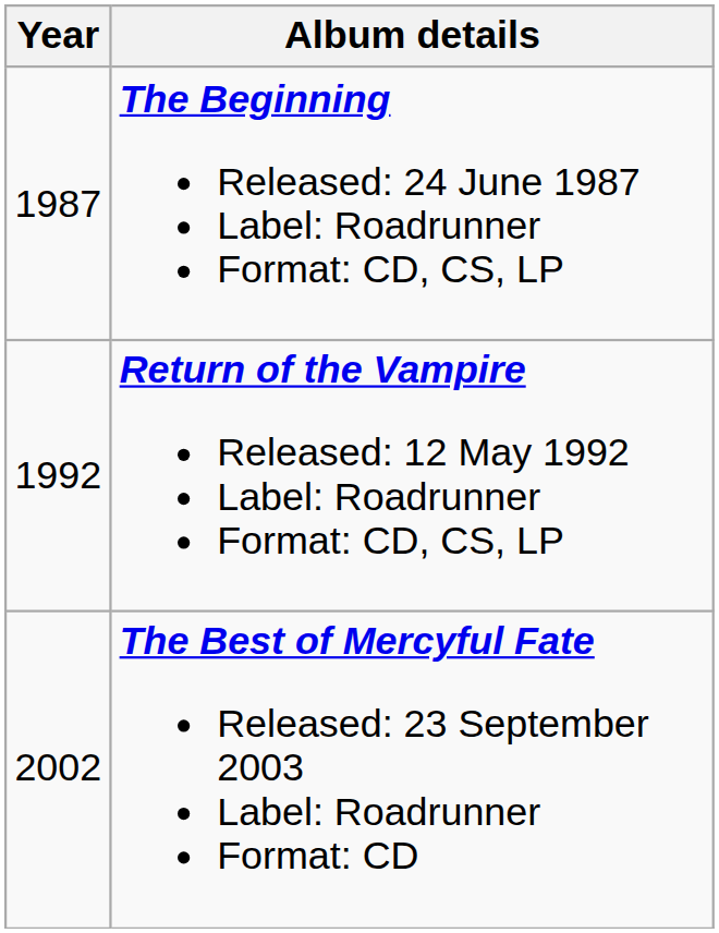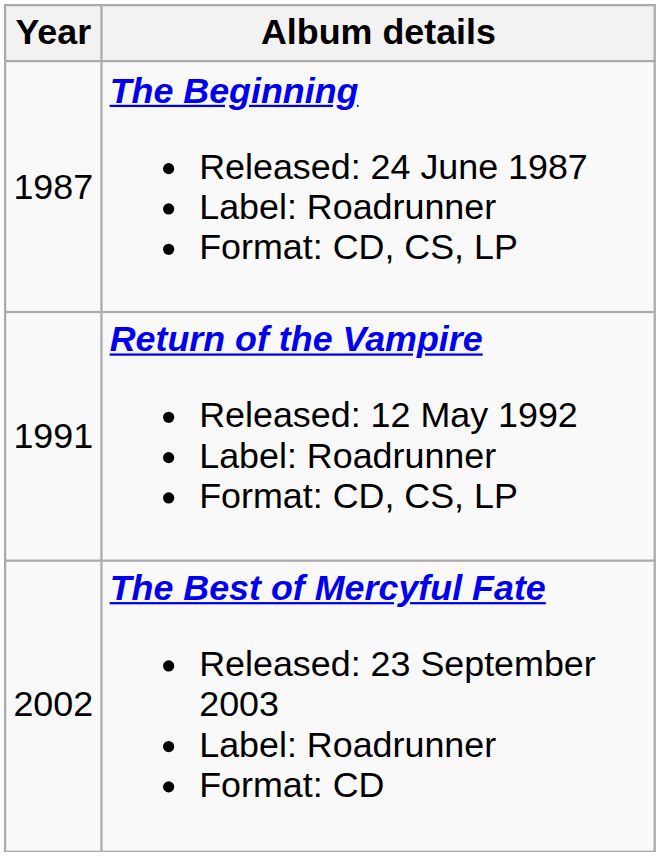 <table class="wikitable" border="1">
 <tr>
 <th>Year</th>
 <th width="240">Album details</th>
 </tr>
 <tr>
 <td>1987</td>
 <td><strong><em><a href='#'>The Beginning</a></em></strong><br><ul><li>Released: 24 June 1987</li><li>Label: Roadrunner</li><li>Format: CD, CS, LP</li></ul></td>
 </tr>
 <tr>
-<td>1992</td>
+<td>1991</td>
 <td><strong><em><a href='#'>Return of the Vampire</a></em></strong><br><ul><li>Released: 12 May 1992</li><li>Label: Roadrunner</li><li>Format: CD, CS, LP</li></ul></td>
 </tr>
 <tr>
 <td>2002</td>
 <td><strong><em><a href='#'>The Best of Mercyful Fate</a></em></strong><br><ul><li>Released: 23 September 2003</li><li>Label: Roadrunner</li><li>Format: CD</li></ul></td>
 </tr>
 </table>
